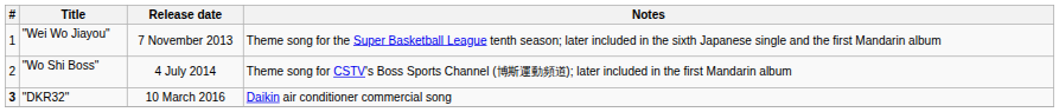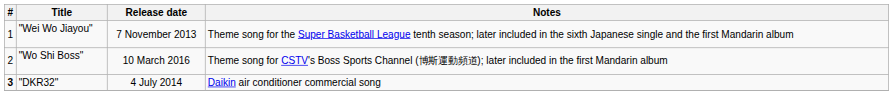 <table class="wikitable" style="text-align:center; font-size:90%; width:100%;">
 <tr>
 <th>#</th>
 <th>Title</th>
 <th>Release date</th>
 <th>Notes</th>
 </tr>
 <tr>
 <td>1</td>
 <td style="text-align:left">"Wei Wo Jiayou" <br>  <br> </td>
 <td>7 November 2013</td>
 <td style="text-align:left">Theme song for the <a href='#'>Super Basketball League</a> tenth season; later included in the sixth Japanese single and the first Mandarin album</td>
 </tr>
 <tr>
 <td>2</td>
 <td style="text-align:left">"Wo Shi Boss" <br>  <br> </td>
-<td>4 July 2014</td>
+<td>10 March 2016</td>
 <td style="text-align:left">Theme song for <a href='#'>CSTV</a>'s Boss Sports Channel (博斯運動頻道); later included in the first Mandarin album</td>
 </tr>
 <tr>
 <td><strong>3</strong></td>
 <td style="text-align:left">"DKR32"</td>
-<td>10 March 2016</td>
+<td>4 July 2014</td>
 <td style="text-align:left"><a href='#'>Daikin</a> air conditioner commercial song</td>
 </tr>
 <tr>
 </tr>
 </table>
